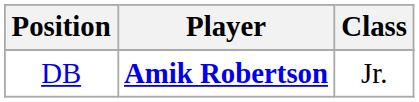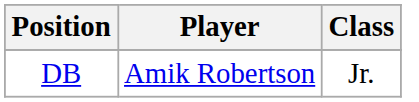 <table class="wikitable sortable" border="1">
 <tr>
 <th>Position</th>
 <th>Player</th>
 <th>Class</th>
 </tr>
 <tr>
 </tr>
 <tr>
 <td style="text-align:center; background:white"><a href='#'>DB</a></td>
-<td style="text-align:center; background:white"><strong><a href='#'>Amik Robertson</a></strong></td>
+<td style="text-align:center; background:white"><a href='#'>Amik Robertson</a></td>
 <td style="text-align:center; background:white">Jr.</td>
 </tr>
 </table>
